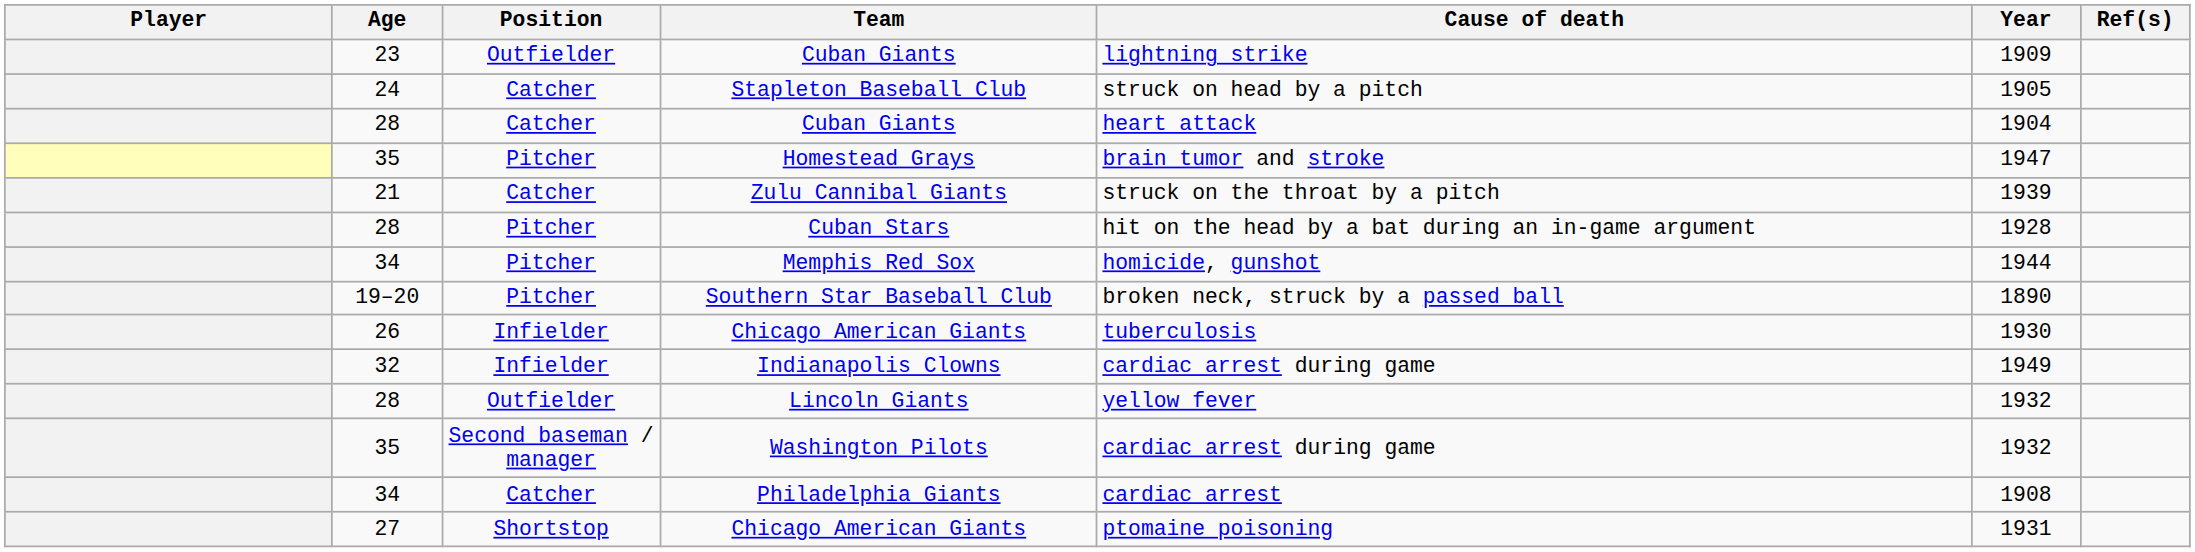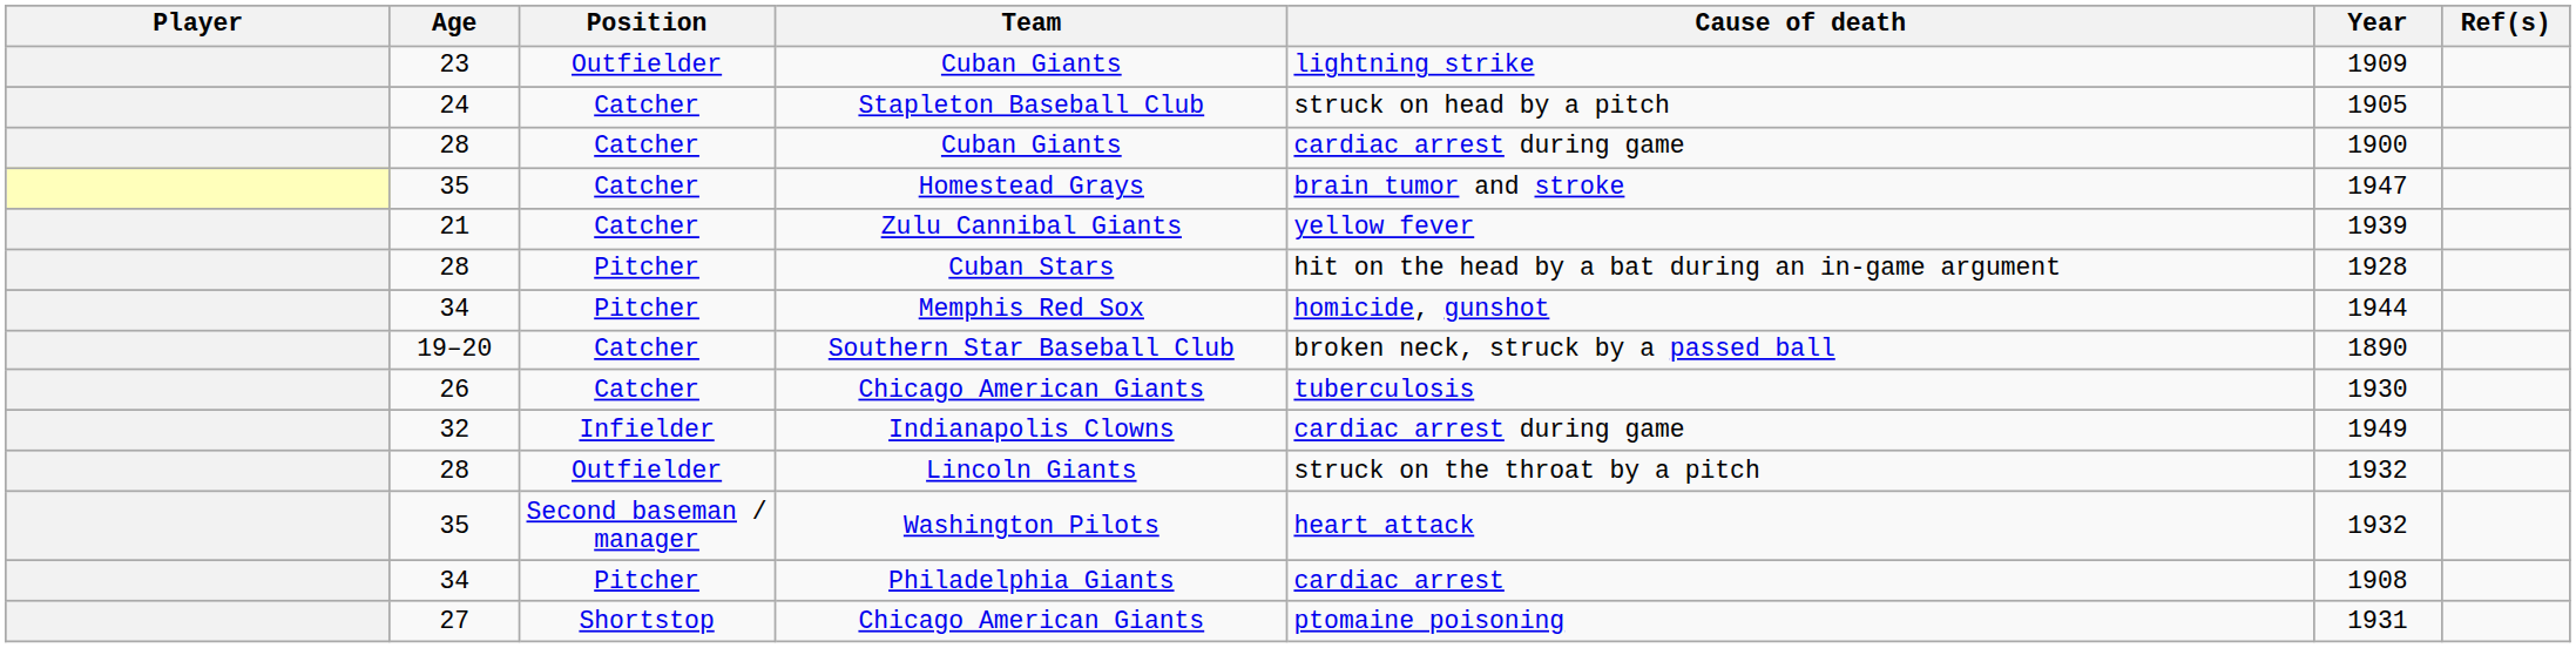 <table class="wikitable sortable plainrowheaders" style="width: 100%; font-size:95%; text-align:center;">
 <tr>
 <th scope="col" style="width: 15%;">Player</th>
 <th scope="col" style="width: 5%;">Age</th>
 <th scope="col" style="width: 10%;">Position</th>
 <th scope="col" style="width: 20%;">Team</th>
 <th scope="col" style="width: 40%;">Cause of death</th>
 <th scope="col" style="width: 5%;">Year</th>
 <th scope="col" class=unsortable style="width: 5%;">Ref(s)</th>
 </tr>
 <tr>
 <th scope="row" style="text-align:center"></th>
 <td>23</td>
 <td><a href='#'>Outfielder</a></td>
 <td><a href='#'>Cuban Giants</a></td>
 <td align=left><a href='#'>lightning strike</a></td>
 <td>1909</td>
 <td></td>
 </tr>
 <tr>
 <th scope="row" style="text-align:center"></th>
 <td>24</td>
 <td><a href='#'>Catcher</a></td>
 <td><a href='#'>Stapleton Baseball Club</a></td>
 <td align=left>struck on head by a pitch</td>
 <td>1905</td>
 <td></td>
 </tr>
 <tr>
 <th scope="row" style="text-align:center"></th>
 <td>28</td>
 <td><a href='#'>Catcher</a></td>
 <td><a href='#'>Cuban Giants</a></td>
-<td align=left><a href='#'>heart attack</a></td>
-<td>1904</td>
+<td align=left><a href='#'>cardiac arrest</a> during game</td>
+<td>1900</td>
 <td></td>
 </tr>
 <tr>
 <td style="background:#ffb;"></td>
 <td>35</td>
-<td><a href='#'>Pitcher</a></td>
+<td><a href='#'>Catcher</a></td>
 <td><a href='#'>Homestead Grays</a></td>
 <td align=left><a href='#'>brain tumor</a> and <a href='#'>stroke</a></td>
 <td>1947</td>
 <td></td>
 </tr>
 <tr>
 <th scope="row" style="text-align:center"></th>
 <td>21</td>
 <td><a href='#'>Catcher</a></td>
 <td><a href='#'>Zulu Cannibal Giants</a></td>
-<td align=left>struck on the throat by a pitch</td>
+<td align=left><a href='#'>yellow fever</a></td>
 <td>1939</td>
 <td></td>
 </tr>
 <tr>
 <th scope="row" style="text-align:center"></th>
 <td>28</td>
 <td><a href='#'>Pitcher</a></td>
 <td><a href='#'>Cuban Stars</a></td>
 <td align=left>hit on the head by a bat during an in-game argument</td>
 <td>1928</td>
 <td></td>
 </tr>
 <tr>
 <th scope="row" style="text-align:center"></th>
 <td>34</td>
 <td><a href='#'>Pitcher</a></td>
 <td><a href='#'>Memphis Red Sox</a></td>
 <td align=left><a href='#'>homicide</a>, <a href='#'>gunshot</a></td>
 <td>1944</td>
 <td></td>
 </tr>
 <tr>
 <th scope="row" style="text-align:center"></th>
 <td>19–20</td>
-<td><a href='#'>Pitcher</a></td>
+<td><a href='#'>Catcher</a></td>
 <td><a href='#'>Southern Star Baseball Club</a></td>
 <td align=left>broken neck, struck by a <a href='#'>passed ball</a></td>
 <td>1890</td>
 <td></td>
 </tr>
 <tr>
 <th scope="row" style="text-align:center"></th>
 <td>26</td>
-<td><a href='#'>Infielder</a></td>
+<td><a href='#'>Catcher</a></td>
 <td><a href='#'>Chicago American Giants</a></td>
 <td align=left><a href='#'>tuberculosis</a></td>
 <td>1930</td>
 <td></td>
 </tr>
 <tr>
 <th scope="row" style="text-align:center"></th>
 <td>32</td>
 <td><a href='#'>Infielder</a></td>
 <td><a href='#'>Indianapolis Clowns</a></td>
 <td align=left><a href='#'>cardiac arrest</a> during game</td>
 <td>1949</td>
 <td></td>
 </tr>
 <tr>
 <th scope="row" style="text-align:center"></th>
 <td>28</td>
 <td><a href='#'>Outfielder</a></td>
 <td><a href='#'>Lincoln Giants</a></td>
-<td align=left><a href='#'>yellow fever</a></td>
+<td align=left>struck on the throat by a pitch</td>
 <td>1932</td>
 <td></td>
 </tr>
 <tr>
 <th scope="row" style="text-align:center"></th>
 <td>35</td>
 <td><a href='#'>Second baseman</a> / <a href='#'>manager</a></td>
 <td><a href='#'>Washington Pilots</a></td>
-<td align=left><a href='#'>cardiac arrest</a> during game</td>
+<td align=left><a href='#'>heart attack</a></td>
 <td>1932</td>
 <td></td>
 </tr>
 <tr>
 <th scope="row" style="text-align:center"></th>
 <td>34</td>
-<td><a href='#'>Catcher</a></td>
+<td><a href='#'>Pitcher</a></td>
 <td><a href='#'>Philadelphia Giants</a></td>
 <td align=left><a href='#'>cardiac arrest</a></td>
 <td>1908</td>
 <td></td>
 </tr>
 <tr>
 <th scope="row" style="text-align:center"></th>
 <td>27</td>
 <td><a href='#'>Shortstop</a></td>
 <td><a href='#'>Chicago American Giants</a></td>
 <td align=left><a href='#'>ptomaine poisoning</a></td>
 <td>1931</td>
 <td></td>
 </tr>
 </table>
